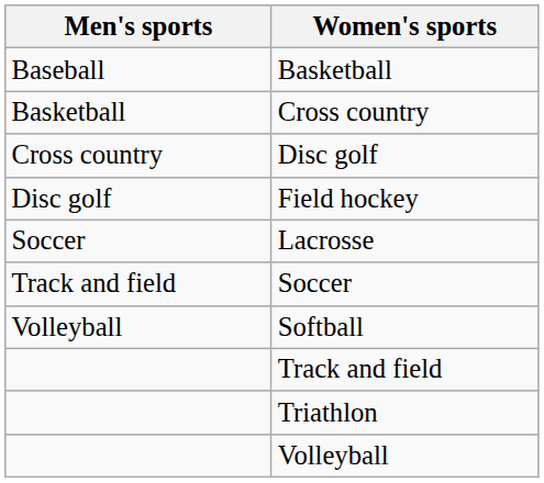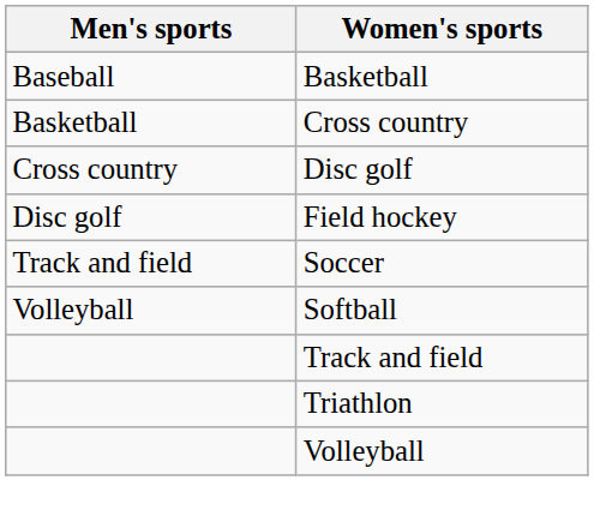 <table class="wikitable"; style=" ">
 <tr>
 <th width=150px>Men's sports</th>
 <th width=150px>Women's sports</th>
 </tr>
 <tr>
 <td>Baseball</td>
 <td>Basketball</td>
 </tr>
 <tr>
 <td>Basketball</td>
 <td>Cross country</td>
 </tr>
 <tr>
 <td>Cross country</td>
 <td>Disc golf</td>
 </tr>
 <tr>
 <td>Disc golf</td>
 <td>Field hockey</td>
 </tr>
 <tr>
-<td>Soccer</td>
-<td>Lacrosse</td>
-</tr>
-<tr>
 <td>Track and field</td>
 <td>Soccer</td>
 </tr>
 <tr>
 <td>Volleyball</td>
 <td>Softball</td>
 </tr>
 <tr>
 <td></td>
 <td>Track and field</td>
 </tr>
 <tr>
 <td></td>
 <td>Triathlon</td>
 </tr>
 <tr>
 <td></td>
 <td>Volleyball</td>
 </tr>
 </table>
